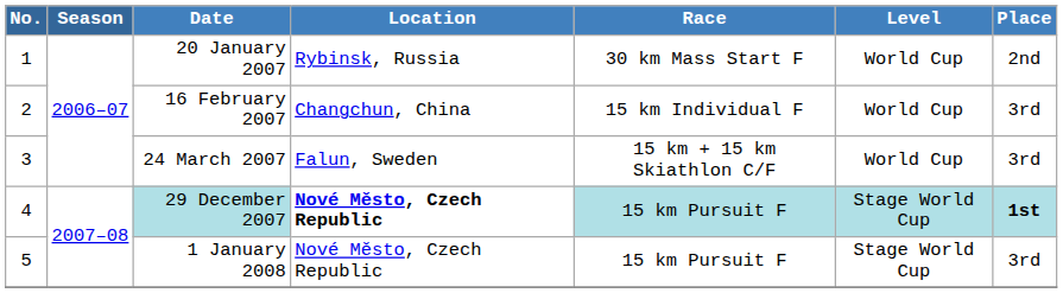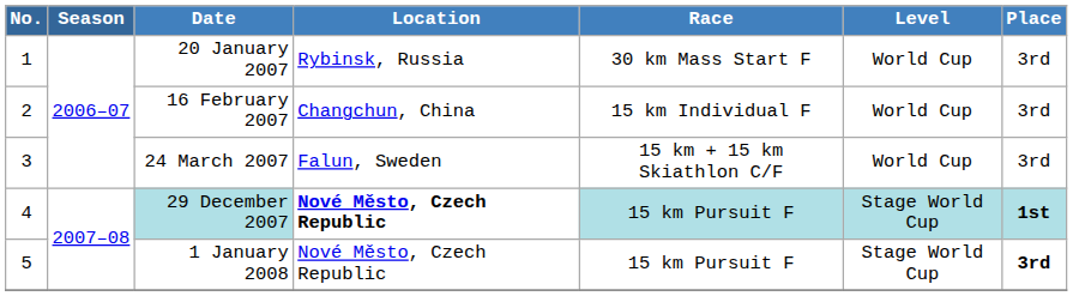 <table class="wikitable sortable" style="font-size:95%; text-align:center; border:grey solid 1px; border-collapse:collapse; background:#ffffff;">
 <tr style="background:#efefef;">
 <th style="background-color:#369; color:white;">No.</th>
 <th style="background-color:#369; color:white;">Season</th>
 <th style="background-color:#4180be; color:white; width:100px;">Date</th>
 <th style="background-color:#4180be; color:white; width:185px;">Location</th>
 <th style="background-color:#4180be; color:white; width:170px;">Race</th>
 <th style="background-color:#4180be; color:white; width:100px;">Level</th>
 <th style="background-color:#4180be; color:white;">Place</th>
 </tr>
 <tr>
 <td align=center>1</td>
 <td rowspan=3 align=center><a href='#'>2006–07</a></td>
 <td align=right>20 January 2007</td>
 <td align=left> <a href='#'>Rybinsk</a>, Russia</td>
 <td>30 km Mass Start F</td>
 <td>World Cup</td>
-<td>2nd</td>
+<td>3rd</td>
 </tr>
 <tr>
 <td align=center>2</td>
 <td align=right>16 February 2007</td>
 <td align=left> <a href='#'>Changchun</a>, China</td>
 <td>15 km Individual F</td>
 <td>World Cup</td>
 <td>3rd</td>
 </tr>
 <tr>
 <td align=center>3</td>
 <td align=right>24 March 2007</td>
 <td align=left> <a href='#'>Falun</a>, Sweden</td>
 <td>15 km + 15 km Skiathlon C/F</td>
 <td>World Cup</td>
 <td>3rd</td>
 </tr>
 <tr>
 <td align=center>4</td>
 <td rowspan=2 align=center><a href='#'>2007–08</a></td>
 <td bgcolor="#BOEOE6" align=right>29 December 2007</td>
 <td align=left><strong> <a href='#'>Nové Město</a>, Czech Republic</strong></td>
 <td bgcolor="#BOEOE6">15 km Pursuit F</td>
 <td bgcolor="#BOEOE6">Stage World Cup</td>
 <td bgcolor="#BOEOE6"><strong>1st</strong></td>
 </tr>
 <tr>
 <td align=center>5</td>
 <td align=right>1 January 2008</td>
 <td align=left> <a href='#'>Nové Město</a>, Czech Republic</td>
 <td>15 km Pursuit F</td>
 <td>Stage World Cup</td>
-<td>3rd</td>
+<td><strong>3rd</strong></td>
 </tr>
 <tr>
 </tr>
 </table>
